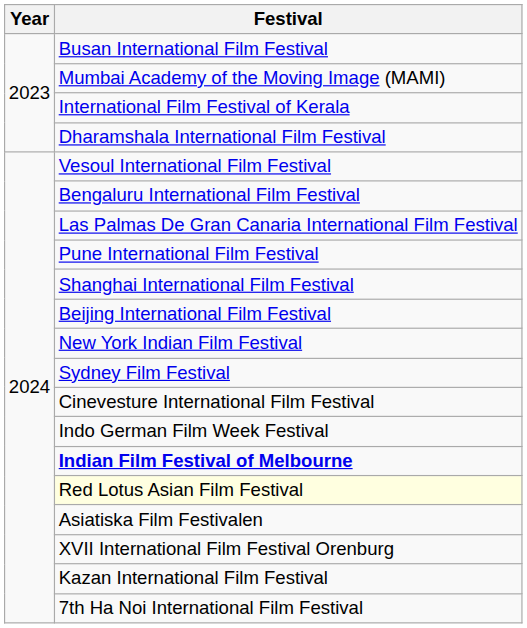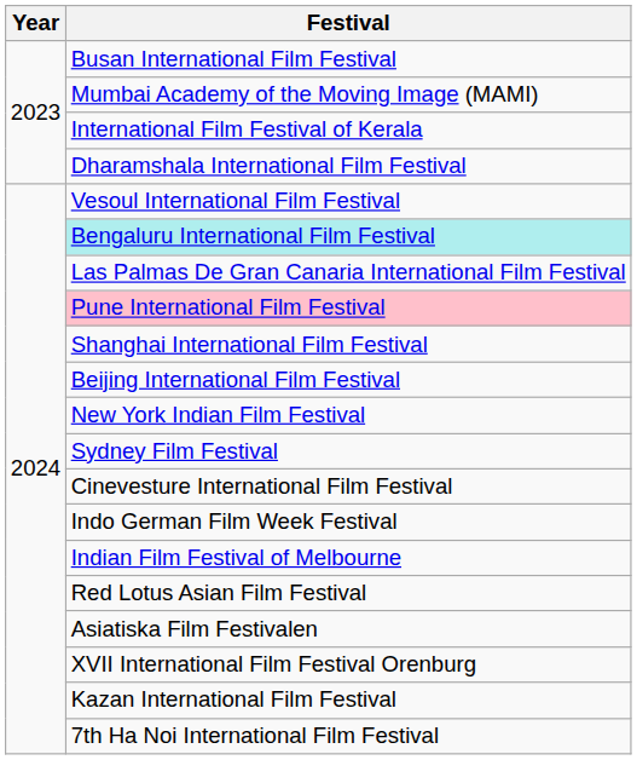 <table class="wikitable">
 <tr>
 <th>Year</th>
 <th>Festival</th>
 </tr>
 <tr>
 <td rowspan="4">2023</td>
 <td><a href='#'>Busan International Film Festival</a></td>
 </tr>
 <tr>
 <td><a href='#'>Mumbai Academy of the Moving Image</a> (MAMI)</td>
 </tr>
 <tr>
 <td><a href='#'>International Film Festival of Kerala</a></td>
 </tr>
 <tr>
 <td><a href='#'>Dharamshala International Film Festival</a></td>
 </tr>
 <tr>
 <td rowspan="16">2024</td>
 <td><a href='#'>Vesoul International Film Festival</a></td>
 </tr>
 <tr>
-<td><a href='#'>Bengaluru International Film Festival</a></td>
+<td style="background: paleturquoise;"><a href='#'>Bengaluru International Film Festival</a></td>
 </tr>
 <tr>
 <td><a href='#'>Las Palmas De Gran Canaria International Film Festival</a></td>
 </tr>
 <tr>
-<td><a href='#'>Pune International Film Festival</a></td>
+<td style="background: pink;"><a href='#'>Pune International Film Festival</a></td>
 </tr>
 <tr>
 <td><a href='#'>Shanghai International Film Festival</a></td>
 </tr>
 <tr>
 <td><a href='#'>Beijing International Film Festival</a></td>
 </tr>
 <tr>
 <td><a href='#'>New York Indian Film Festival</a></td>
 </tr>
 <tr>
 <td><a href='#'>Sydney Film Festival</a></td>
 </tr>
 <tr>
 <td>Cinevesture International Film Festival</td>
 </tr>
 <tr>
 <td>Indo German Film Week Festival</td>
 </tr>
 <tr>
-<td><strong><a href='#'>Indian Film Festival of Melbourne</a></strong></td>
+<td><a href='#'>Indian Film Festival of Melbourne</a></td>
 </tr>
 <tr>
-<td style="background: lightyellow;">Red Lotus Asian Film Festival</td>
+<td>Red Lotus Asian Film Festival</td>
 </tr>
 <tr>
 <td>Asiatiska Film Festivalen</td>
 </tr>
 <tr>
 <td>XVII International Film Festival Orenburg</td>
 </tr>
 <tr>
 <td>Kazan International Film Festival</td>
 </tr>
 <tr>
 <td>7th Ha Noi International Film Festival</td>
 </tr>
 </table>
